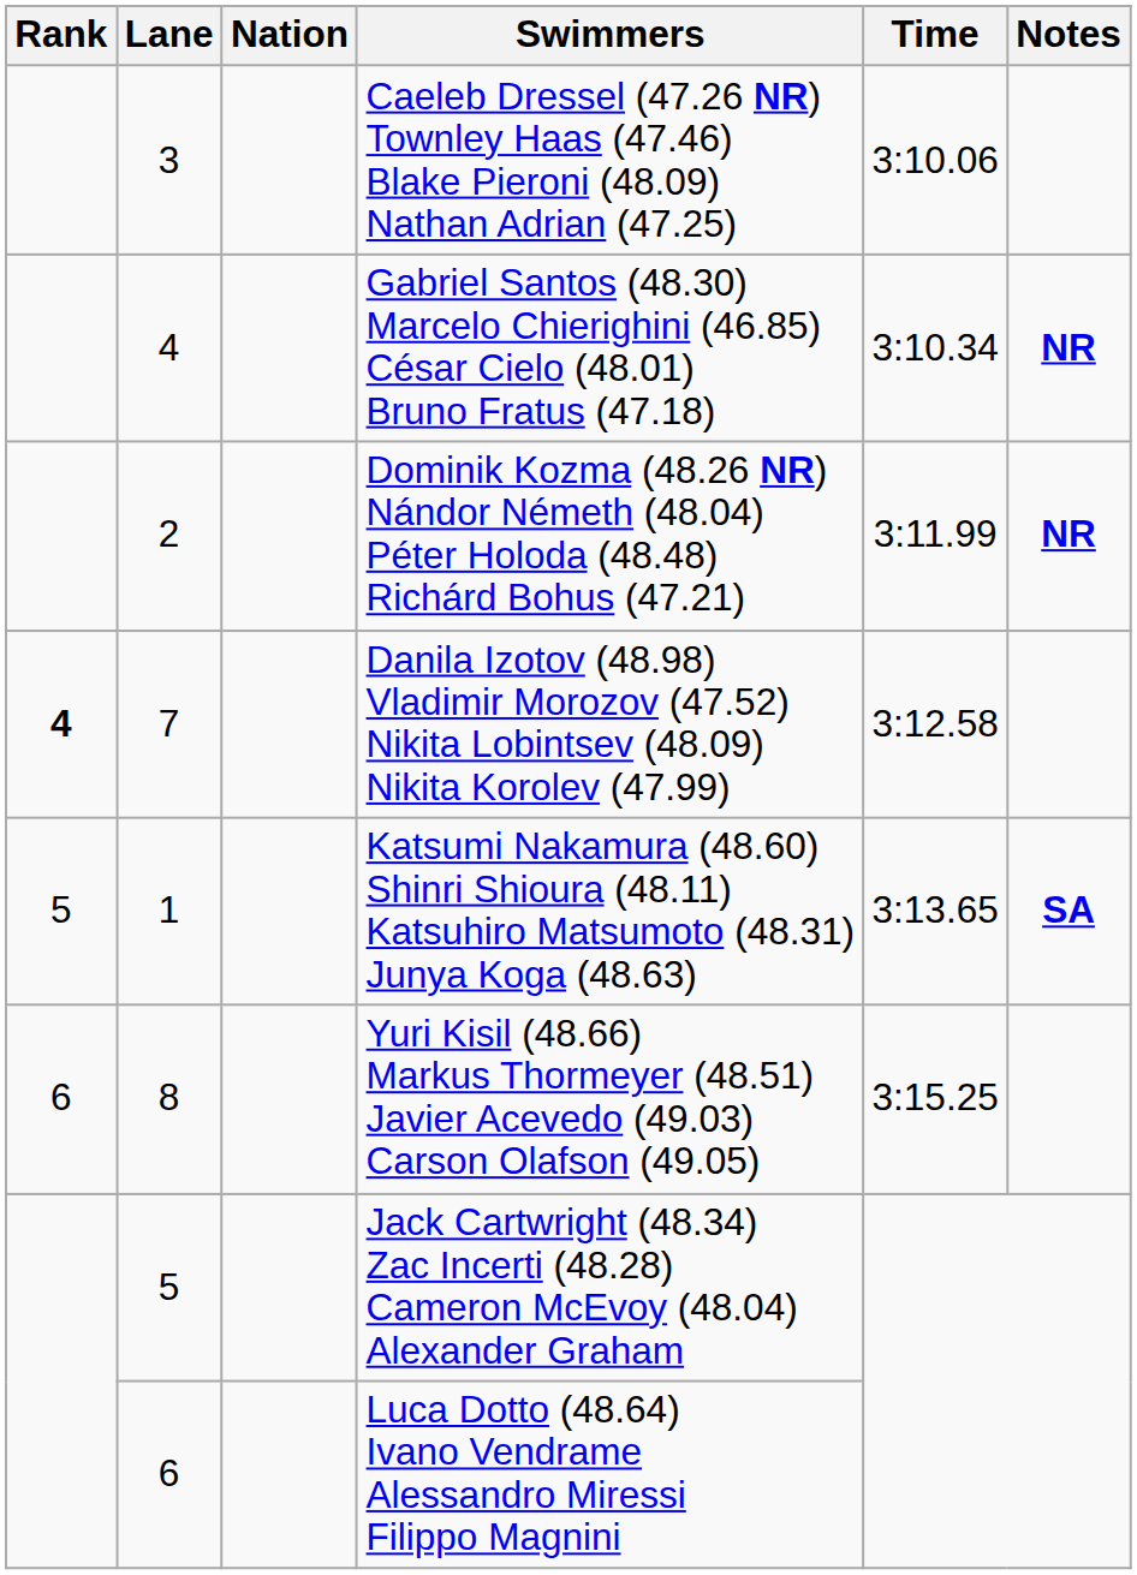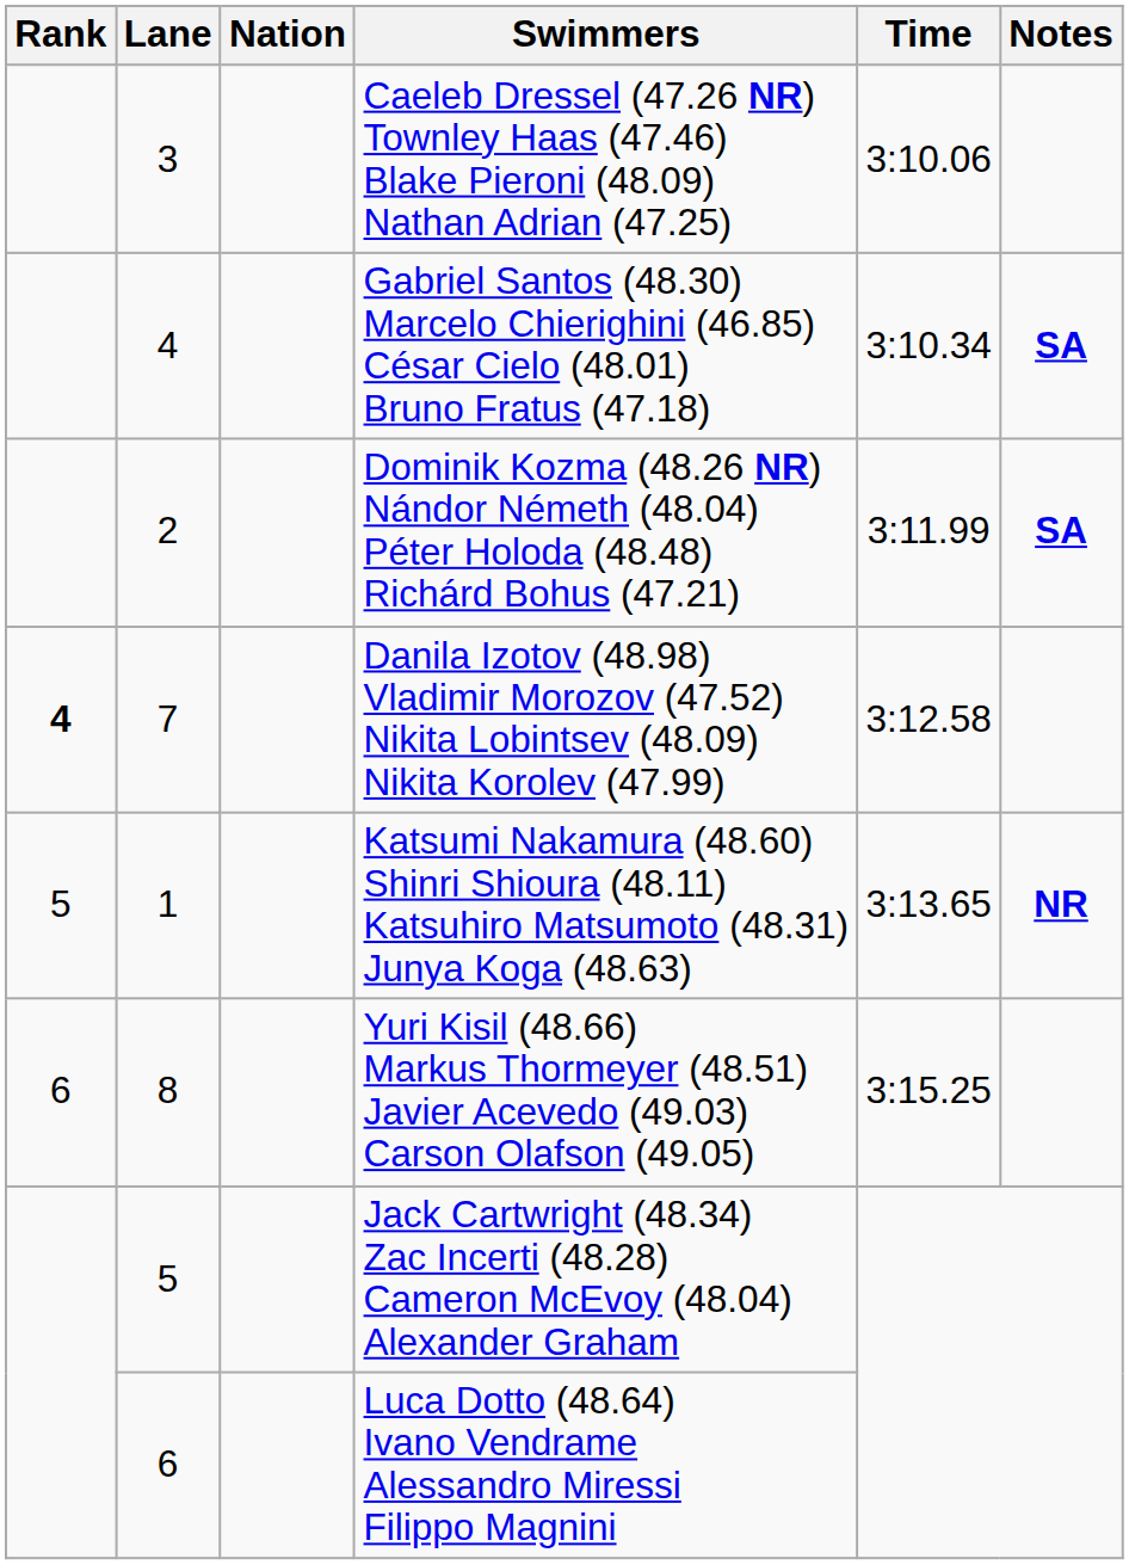 <table class="wikitable sortable" style="text-align:center">
 <tr>
 <th>Rank</th>
 <th>Lane</th>
 <th>Nation</th>
 <th>Swimmers</th>
 <th>Time</th>
 <th>Notes</th>
 </tr>
 <tr>
 <td></td>
 <td>3</td>
 <td align=left></td>
 <td align=left><a href='#'>Caeleb Dressel</a> (47.26 <strong><a href='#'>NR</a></strong>)<br><a href='#'>Townley Haas</a> (47.46)<br><a href='#'>Blake Pieroni</a> (48.09)<br><a href='#'>Nathan Adrian</a> (47.25)</td>
 <td>3:10.06</td>
 <td></td>
 </tr>
 <tr>
 <td></td>
 <td>4</td>
 <td align=left></td>
 <td align=left><a href='#'>Gabriel Santos</a> (48.30)<br><a href='#'>Marcelo Chierighini</a> (46.85)<br><a href='#'>César Cielo</a> (48.01)<br><a href='#'>Bruno Fratus</a> (47.18)</td>
 <td>3:10.34</td>
-<td><strong><a href='#'>NR</a></strong></td>
+<td><strong><a href='#'>SA</a></strong></td>
 </tr>
 <tr>
 <td></td>
 <td>2</td>
 <td align=left></td>
 <td align=left><a href='#'>Dominik Kozma</a> (48.26 <strong><a href='#'>NR</a></strong>)<br><a href='#'>Nándor Németh</a> (48.04)<br><a href='#'>Péter Holoda</a> (48.48)<br><a href='#'>Richárd Bohus</a> (47.21)</td>
 <td>3:11.99</td>
-<td><strong><a href='#'>NR</a></strong></td>
+<td><strong><a href='#'>SA</a></strong></td>
 </tr>
 <tr>
 <td><strong>4</strong></td>
 <td>7</td>
 <td align=left></td>
 <td align=left><a href='#'>Danila Izotov</a> (48.98)<br><a href='#'>Vladimir Morozov</a> (47.52)<br><a href='#'>Nikita Lobintsev</a> (48.09)<br><a href='#'>Nikita Korolev</a> (47.99)</td>
 <td>3:12.58</td>
 <td></td>
 </tr>
 <tr>
 <td>5</td>
 <td>1</td>
 <td align=left></td>
 <td align=left><a href='#'>Katsumi Nakamura</a> (48.60)<br><a href='#'>Shinri Shioura</a> (48.11)<br><a href='#'>Katsuhiro Matsumoto</a> (48.31)<br><a href='#'>Junya Koga</a> (48.63)</td>
 <td>3:13.65</td>
-<td><strong><a href='#'>SA</a></strong></td>
+<td><strong><a href='#'>NR</a></strong></td>
 </tr>
 <tr>
 <td>6</td>
 <td>8</td>
 <td align=left></td>
 <td align=left><a href='#'>Yuri Kisil</a> (48.66)<br><a href='#'>Markus Thormeyer</a> (48.51)<br><a href='#'>Javier Acevedo</a> (49.03)<br><a href='#'>Carson Olafson</a> (49.05)</td>
 <td>3:15.25</td>
 <td></td>
 </tr>
 <tr>
 <td rowspan=2></td>
 <td>5</td>
 <td align=left></td>
 <td align=left><a href='#'>Jack Cartwright</a> (48.34)<br><a href='#'>Zac Incerti</a> (48.28)<br><a href='#'>Cameron McEvoy</a> (48.04)<br><a href='#'>Alexander Graham</a></td>
 <td rowspan=2 colspan=2></td>
 </tr>
 <tr>
 <td>6</td>
 <td align=left></td>
 <td align=left><a href='#'>Luca Dotto</a> (48.64)<br><a href='#'>Ivano Vendrame</a><br><a href='#'>Alessandro Miressi</a><br><a href='#'>Filippo Magnini</a></td>
 </tr>
 </table>
